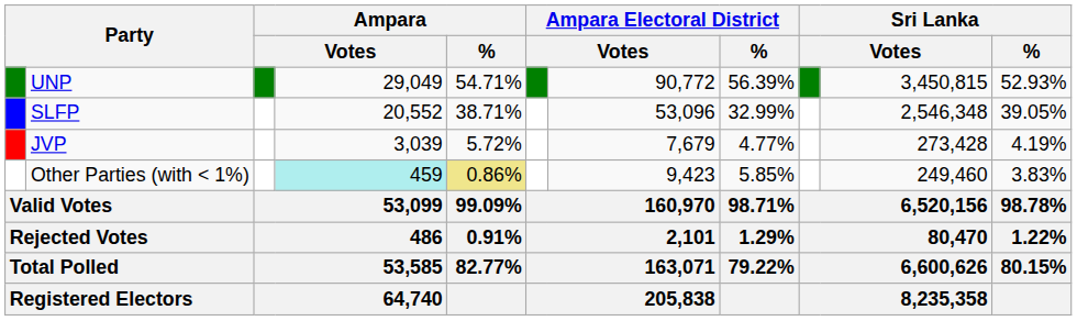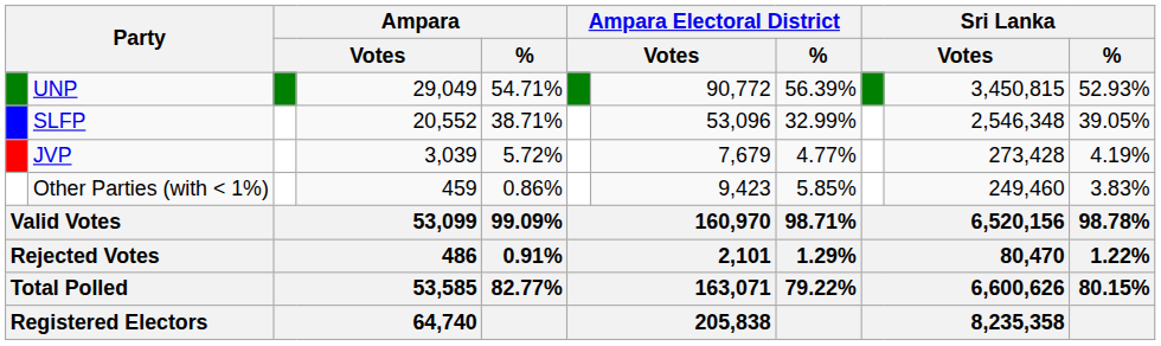 <table class="wikitable">
 <tr>
 <th colspan="2" width="144px"rowspan="2">Party</th>
 <th colspan="3" width="216px">Ampara</th>
 <th colspan="3" width="216px"><a href='#'>Ampara Electoral District</a></th>
 <th colspan="3" width="216px">Sri Lanka</th>
 </tr>
 <tr>
 <th colspan="2" width="144px">Votes</th>
 <th>%</th>
 <th colspan="2" width="144px">Votes</th>
 <th>%</th>
 <th colspan="2" width="144px">Votes</th>
 <th>%</th>
 </tr>
 <tr>
 <td style="background-color:green;" width="10px"></td>
 <td style="text-align:left;"><a href='#'>UNP</a></td>
 <td style="background-color:green;" width="10px"></td>
 <td style="text-align:right;">29,049</td>
 <td style="text-align:right;">54.71%</td>
 <td style="background-color:green;" width="10px"></td>
 <td style="text-align:right;">90,772</td>
 <td style="text-align:right;">56.39%</td>
 <td style="background-color:green;" width="10px"></td>
 <td style="text-align:right;">3,450,815</td>
 <td style="text-align:right;">52.93%</td>
 </tr>
 <tr>
 <td style="background-color:blue;" width="10px"></td>
 <td style="text-align:left;"><a href='#'>SLFP</a></td>
 <td style="background-color:white;" width="10px"></td>
 <td style="text-align:right;">20,552</td>
 <td style="text-align:right;">38.71%</td>
 <td style="background-color:white;" width="10px"></td>
 <td style="text-align:right;">53,096</td>
 <td style="text-align:right;">32.99%</td>
 <td style="background-color:white;" width="10px"></td>
 <td style="text-align:right;">2,546,348</td>
 <td style="text-align:right;">39.05%</td>
 </tr>
 <tr>
 <td style="background-color:red;" width="10px"></td>
 <td style="text-align:left;"><a href='#'>JVP</a></td>
 <td style="background-color:white;" width="10px"></td>
 <td style="text-align:right;">3,039</td>
 <td style="text-align:right;">5.72%</td>
 <td style="background-color:white;" width="10px"></td>
 <td style="text-align:right;">7,679</td>
 <td style="text-align:right;">4.77%</td>
 <td style="background-color:white;" width="10px"></td>
 <td style="text-align:right;">273,428</td>
 <td style="text-align:right;">4.19%</td>
 </tr>
 <tr>
 <td style="background-color:white;" width="10px"></td>
 <td style="text-align:left;">Other Parties (with < 1%)</td>
 <td style="background-color:white;" width="10px"></td>
-<td style="background: paleturquoise; text-align:right;">459</td>
-<td style="background: khaki; text-align:right;">0.86%</td>
+<td style="text-align:right;">459</td>
+<td style="text-align:right;">0.86%</td>
 <td style="background-color:white;" width="10px"></td>
 <td style="text-align:right;">9,423</td>
 <td style="text-align:right;">5.85%</td>
 <td style="background-color:white;" width="10px"></td>
 <td style="text-align:right;">249,460</td>
 <td style="text-align:right;">3.83%</td>
 </tr>
 <tr>
 <th colspan="2" width="144px"style="text-align:left;">Valid Votes</th>
 <th style="text-align:right;"colspan="2" width="144px">53,099</th>
 <th style="text-align:right;">99.09%</th>
 <th style="text-align:right;"colspan="2" width="144px">160,970</th>
 <th style="text-align:right;">98.71%</th>
 <th style="text-align:right;"colspan="2" width="144px">6,520,156</th>
 <th style="text-align:right;">98.78%</th>
 </tr>
 <tr>
 <th colspan="2" width="144px"style="text-align:left;">Rejected Votes</th>
 <th style="text-align:right;"colspan="2" width="144px">486</th>
 <th style="text-align:right;">0.91%</th>
 <th style="text-align:right;"colspan="2" width="144px">2,101</th>
 <th style="text-align:right;">1.29%</th>
 <th style="text-align:right;"colspan="2" width="144px">80,470</th>
 <th style="text-align:right;">1.22%</th>
 </tr>
 <tr>
 <th colspan="2" width="144px"style="text-align:left;">Total Polled</th>
 <th style="text-align:right;"colspan="2" width="144px">53,585</th>
 <th style="text-align:right;">82.77%</th>
 <th style="text-align:right;"colspan="2" width="144px">163,071</th>
 <th style="text-align:right;">79.22%</th>
 <th style="text-align:right;"colspan="2" width="144px">6,600,626</th>
 <th style="text-align:right;">80.15%</th>
 </tr>
 <tr>
 <th colspan="2" width="144px"style="text-align:left;">Registered Electors</th>
 <th style="text-align:right;"colspan="2" width="144px">64,740</th>
 <th></th>
 <th style="text-align:right;"colspan="2" width="144px">205,838</th>
 <th></th>
 <th style="text-align:right;"colspan="2" width="144px">8,235,358</th>
 <th></th>
 </tr>
 </table>
